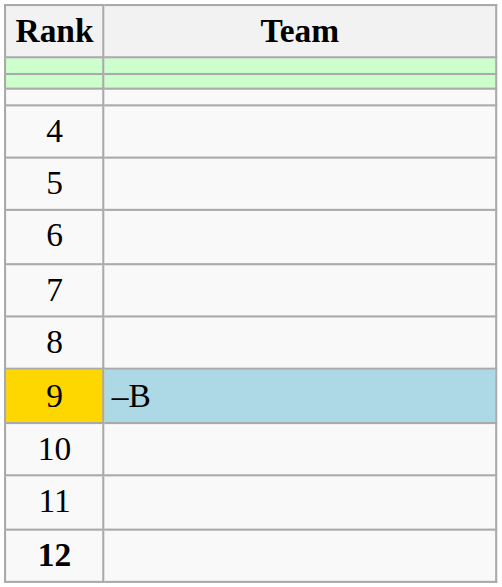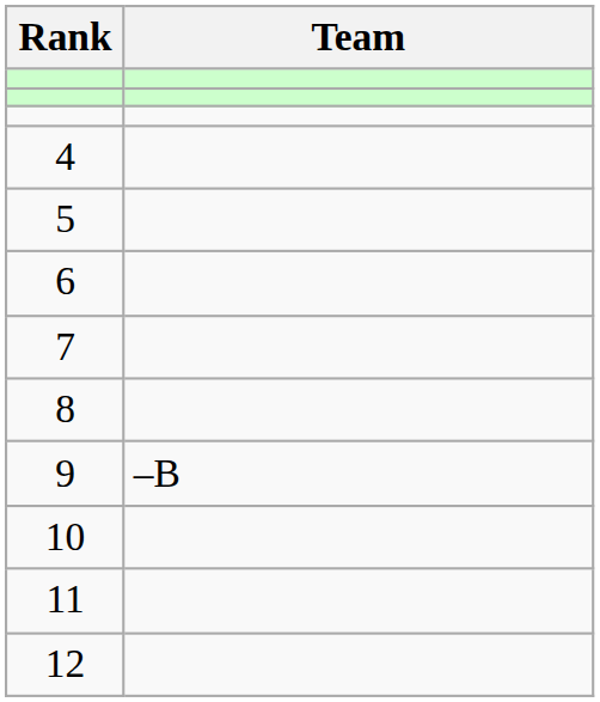 <table class="wikitable">
 <tr>
 <th width=40>Rank</th>
 <th width=180>Team</th>
 </tr>
 <tr bgcolor=#ccffcc>
 <td align=center></td>
 <td></td>
 </tr>
 <tr bgcolor=#ccffcc>
 <td align=center></td>
 <td></td>
 </tr>
 <tr>
 <td align=center></td>
 <td></td>
 </tr>
 <tr>
 <td align=center>4</td>
 <td></td>
 </tr>
 <tr>
 <td align=center>5</td>
 <td></td>
 </tr>
 <tr>
 <td align=center>6</td>
 <td></td>
 </tr>
 <tr>
 <td align=center>7</td>
 <td></td>
 </tr>
 <tr>
 <td align=center>8</td>
 <td></td>
 </tr>
 <tr>
-<td align=center style="background: gold;">9</td>
-<td style="background: lightblue;">–B</td>
+<td align=center>9</td>
+<td>–B</td>
 </tr>
 <tr>
 <td align=center>10</td>
 <td></td>
 </tr>
 <tr>
 <td align=center>11</td>
 <td></td>
 </tr>
 <tr>
-<td align=center><strong>12</strong></td>
+<td align=center>12</td>
 <td></td>
 </tr>
 </table>
